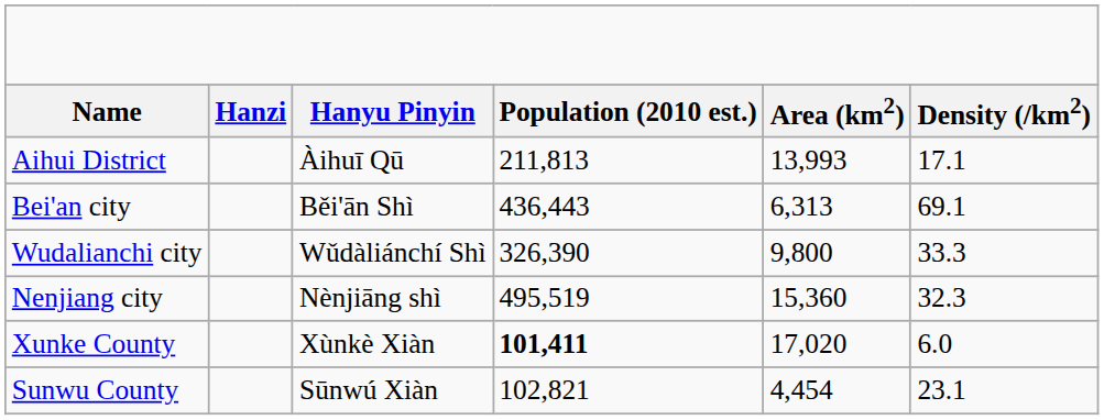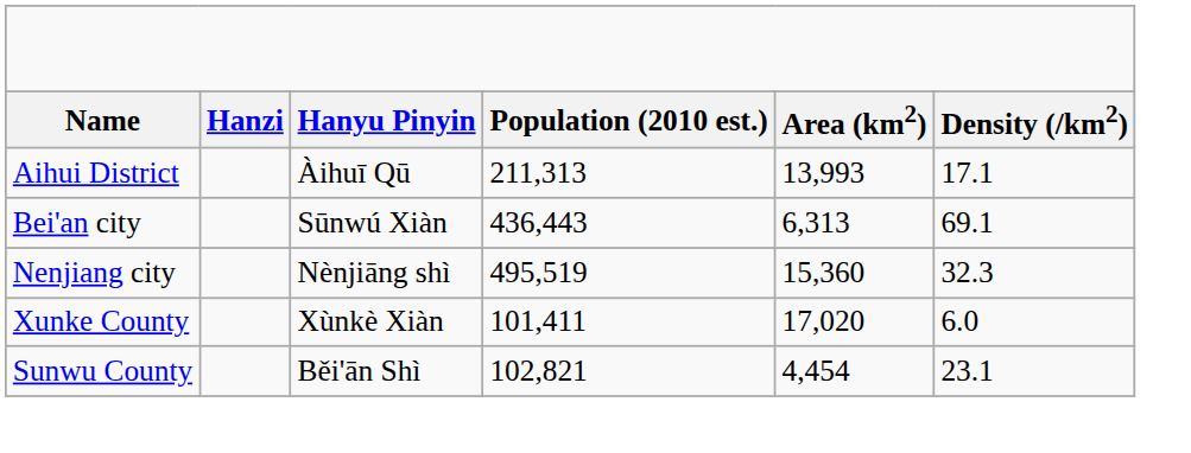 <table class="wikitable"  style="font-size:90%;" align=center>
 <tr>
 <td colspan="6"><br>     <br></td>
 </tr>
 <tr>
 <th>Name</th>
 <th><a href='#'>Hanzi</a></th>
 <th><a href='#'>Hanyu Pinyin</a></th>
 <th>Population (2010 est.)</th>
 <th>Area (km<sup>2</sup>)</th>
 <th>Density (/km<sup>2</sup>)</th>
 </tr>
 <tr --------->
 <td><a href='#'>Aihui District</a></td>
 <td></td>
 <td>Àihuī Qū</td>
-<td>211,813</td>
+<td>211,313</td>
 <td>13,993</td>
 <td>17.1</td>
 </tr>
 <tr --------->
 <td><a href='#'>Bei'an</a> city</td>
 <td></td>
-<td>Běi'ān Shì</td>
+<td>Sūnwú Xiàn</td>
 <td>436,443</td>
 <td>6,313</td>
 <td>69.1</td>
-</tr>
-<tr --------->
-<td><a href='#'>Wudalianchi</a> city</td>
-<td></td>
-<td>Wǔdàliánchí Shì</td>
-<td>326,390</td>
-<td>9,800</td>
-<td>33.3</td>
 </tr>
 <tr --------->
 <td><a href='#'>Nenjiang</a> city</td>
 <td></td>
 <td>Nènjiāng shì</td>
 <td>495,519</td>
 <td>15,360</td>
 <td>32.3</td>
 </tr>
 <tr --------->
 <td><a href='#'>Xunke County</a></td>
 <td></td>
 <td>Xùnkè Xiàn</td>
-<td><strong>101,411</strong></td>
+<td>101,411</td>
 <td>17,020</td>
 <td>6.0</td>
 </tr>
 <tr --------->
 <td><a href='#'>Sunwu County</a></td>
 <td></td>
-<td>Sūnwú Xiàn</td>
+<td>Běi'ān Shì</td>
 <td>102,821</td>
 <td>4,454</td>
 <td>23.1</td>
 </tr>
 </table>
